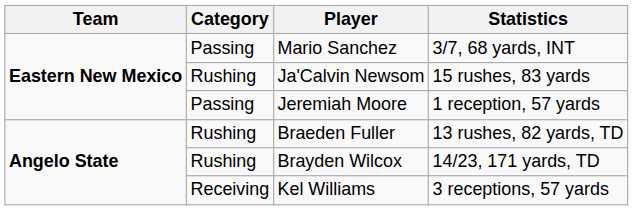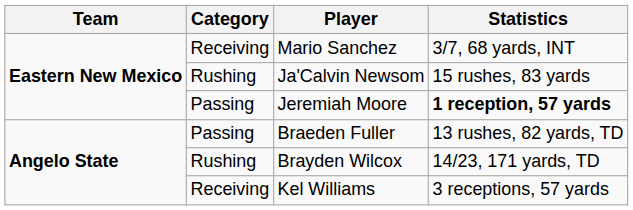 <table class="wikitable" style="float: right;">
 <tr>
 <th>Team</th>
 <th>Category</th>
 <th>Player</th>
 <th>Statistics</th>
 </tr>
 <tr>
 <td rowspan=3><strong>Eastern New Mexico</strong></td>
-<td>Passing</td>
+<td>Receiving</td>
 <td>Mario Sanchez</td>
 <td>3/7, 68 yards, INT</td>
 </tr>
 <tr>
 <td>Rushing</td>
 <td>Ja'Calvin Newsom</td>
 <td>15 rushes, 83 yards</td>
 </tr>
 <tr>
 <td>Passing</td>
 <td>Jeremiah Moore</td>
-<td>1 reception, 57 yards</td>
+<td><strong>1 reception, 57 yards</strong></td>
 </tr>
 <tr>
 <td rowspan=3><strong>Angelo State</strong></td>
-<td>Rushing</td>
+<td>Passing</td>
 <td>Braeden Fuller</td>
 <td>13 rushes, 82 yards, TD</td>
 </tr>
 <tr>
 <td>Rushing</td>
 <td>Brayden Wilcox</td>
 <td>14/23, 171 yards, TD</td>
 </tr>
 <tr>
 <td>Receiving</td>
 <td>Kel Williams</td>
 <td>3 receptions, 57 yards</td>
 </tr>
 </table>
